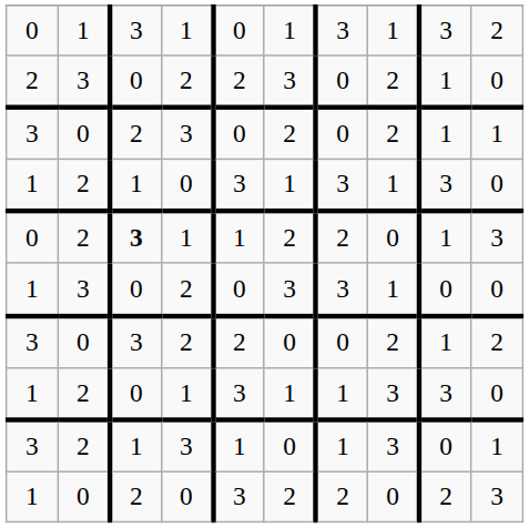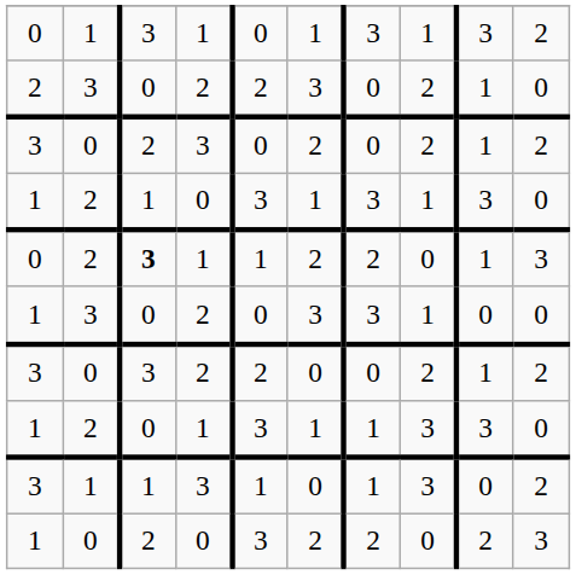 <table class="wikitable" style="margin-left:auto;margin-right:auto;text-align:center;width:20em;height:20em;table-layout:fixed;">
 <tr>
 </tr>
 <tr>
 <td>0</td>
 <td style="border-right:solid">1</td>
 <td>3</td>
 <td style="border-right:solid">1</td>
 <td>0</td>
 <td style="border-right:solid">1</td>
 <td>3</td>
 <td style="border-right:solid">1</td>
 <td>3</td>
 <td>2</td>
 </tr>
 <tr>
 <td>2</td>
 <td style="border-right:solid">3</td>
 <td>0</td>
 <td style="border-right:solid">2</td>
 <td>2</td>
 <td style="border-right:solid">3</td>
 <td>0</td>
 <td style="border-right:solid">2</td>
 <td>1</td>
 <td>0</td>
 </tr>
 <tr>
 <td style="border-top:solid">3</td>
 <td style="border-right:solid; border-top:solid">0</td>
 <td style="border-top:solid">2</td>
 <td style="border-right:solid; border-top:solid">3</td>
 <td style="border-top:solid">0</td>
 <td style="border-right:solid; border-top:solid">2</td>
 <td style="border-top:solid">0</td>
 <td style="border-right:solid; border-top:solid">2</td>
 <td style="border-top:solid">1</td>
-<td style="border-top:solid">1</td>
+<td style="border-top:solid">2</td>
 </tr>
 <tr>
 <td>1</td>
 <td style="border-right:solid">2</td>
 <td>1</td>
 <td style="border-right:solid">0</td>
 <td>3</td>
 <td style="border-right:solid">1</td>
 <td>3</td>
 <td style="border-right:solid">1</td>
 <td>3</td>
 <td>0</td>
 </tr>
 <tr>
 <td style="border-top:solid">0</td>
 <td style="border-right:solid; border-top:solid">2</td>
 <td style="border-top:solid"><strong>3</strong></td>
 <td style="border-right:solid; border-top:solid">1</td>
 <td style="border-top:solid">1</td>
 <td style="border-right:solid; border-top:solid">2</td>
 <td style="border-top:solid">2</td>
 <td style="border-right:solid; border-top:solid">0</td>
 <td style="border-top:solid">1</td>
 <td style="border-top:solid">3</td>
 </tr>
 <tr>
 <td>1</td>
 <td style="border-right:solid">3</td>
 <td>0</td>
 <td style="border-right:solid">2</td>
 <td>0</td>
 <td style="border-right:solid">3</td>
 <td>3</td>
 <td style="border-right:solid">1</td>
 <td>0</td>
 <td>0</td>
 </tr>
 <tr>
 <td style="border-top:solid">3</td>
 <td style="border-right:solid; border-top:solid">0</td>
 <td style="border-top:solid">3</td>
 <td style="border-right:solid; border-top:solid">2</td>
 <td style="border-top:solid">2</td>
 <td style="border-right:solid; border-top:solid">0</td>
 <td style="border-top:solid">0</td>
 <td style="border-right:solid; border-top:solid">2</td>
 <td style="border-top:solid">1</td>
 <td style="border-top:solid">2</td>
 </tr>
 <tr>
 <td>1</td>
 <td style="border-right:solid">2</td>
 <td>0</td>
 <td style="border-right:solid">1</td>
 <td>3</td>
 <td style="border-right:solid">1</td>
 <td>1</td>
 <td style="border-right:solid">3</td>
 <td>3</td>
 <td>0</td>
 </tr>
 <tr>
 <td style="border-top:solid">3</td>
-<td style="border-right:solid; border-top:solid">2</td>
+<td style="border-right:solid; border-top:solid">1</td>
 <td style="border-top:solid">1</td>
 <td style="border-right:solid; border-top:solid">3</td>
 <td style="border-top:solid">1</td>
 <td style="border-right:solid; border-top:solid ">0</td>
 <td style="border-top:solid">1</td>
 <td style="border-right:solid; border-top:solid">3</td>
 <td style="border-top:solid">0</td>
-<td style="border-top:solid">1</td>
+<td style="border-top:solid">2</td>
 </tr>
 <tr>
 <td>1</td>
 <td style="border-right:solid">0</td>
 <td>2</td>
 <td style="border-right:solid">0</td>
 <td>3</td>
 <td style="border-right:solid">2</td>
 <td>2</td>
 <td style="border-right:solid">0</td>
 <td>2</td>
 <td>3</td>
 </tr>
 </table>
